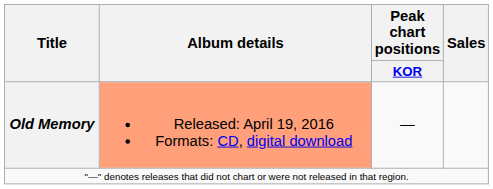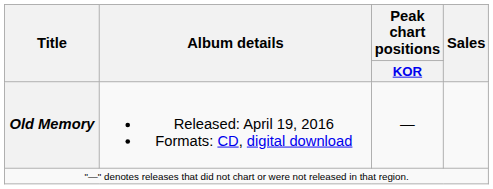 <table class="wikitable plainrowheaders" style="text-align:center;">
 <tr>
 <th scope="col" rowspan="2" style="width:6em;">Title</th>
 <th scope="col" rowspan="2" style="width:18em;">Album details</th>
 <th colspan="1">Peak chart positions</th>
 <th rowspan="2">Sales</th>
 </tr>
 <tr>
 <th scope="col" style="width:4em;font-size:90%;"><a href='#'>KOR</a><br></th>
 </tr>
 <tr>
 <th scope="row"><em>Old Memory</em></th>
-<td style="background: lightsalmon;"><br><ul><li>Released: April 19, 2016</li><li>Formats: <a href='#'>CD</a>, <a href='#'>digital download</a></li></ul></td>
+<td><br><ul><li>Released: April 19, 2016</li><li>Formats: <a href='#'>CD</a>, <a href='#'>digital download</a></li></ul></td>
 <td>—</td>
 <td></td>
 </tr>
 <tr>
 <td colspan="4" style="font-size:8pt;">"—" denotes releases that did not chart or were not released in that region.</td>
 </tr>
 </table>
